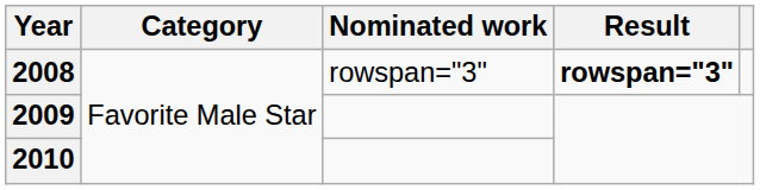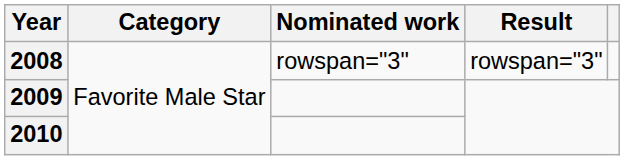 <table class="wikitable">
 <tr>
 <th>Year</th>
 <th>Category</th>
 <th>Nominated work</th>
 <th>Result</th>
 <th></th>
 </tr>
 <tr>
 <th scope="row">2008</th>
 <td rowspan="3">Favorite Male Star</td>
 <td>rowspan="3" </td>
-<td><strong>rowspan="3" </strong></td>
+<td>rowspan="3" </td>
 <td></td>
 </tr>
 <tr>
 <th scope="row">2009</th>
 <td></td>
 </tr>
 <tr>
 <th scope="row">2010</th>
 <td></td>
 </tr>
 </table>
